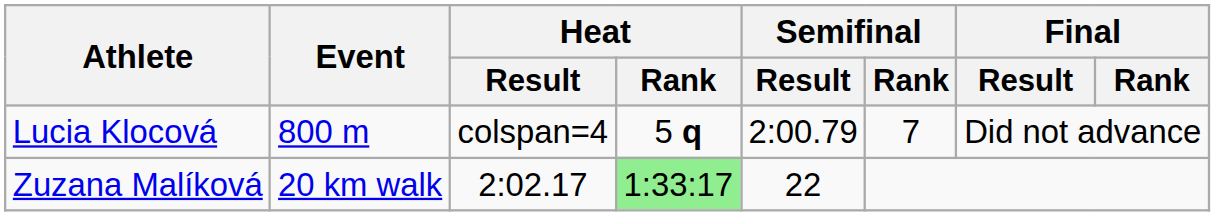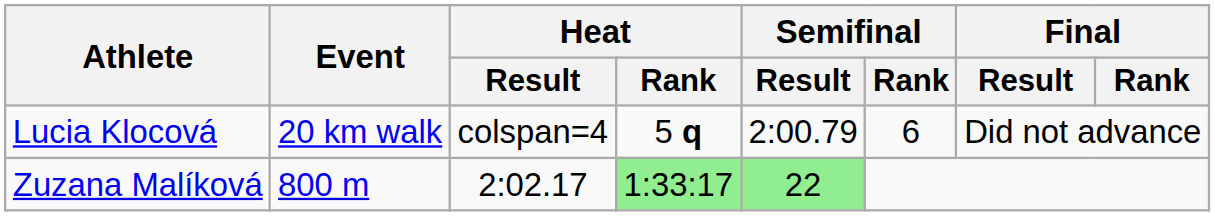 <table class=wikitable style="font-size:90%">
 <tr>
 <th rowspan="2">Athlete</th>
 <th rowspan="2">Event</th>
 <th colspan="2">Heat</th>
 <th colspan="2">Semifinal</th>
 <th colspan="2">Final</th>
 </tr>
 <tr style="font-size:95%">
 <th>Result</th>
 <th>Rank</th>
 <th>Result</th>
 <th>Rank</th>
 <th>Result</th>
 <th>Rank</th>
 </tr>
 <tr align=center>
 <td align=left><a href='#'>Lucia Klocová</a></td>
-<td align=left><a href='#'>800 m</a></td>
+<td align=left><a href='#'>20 km walk</a></td>
 <td>colspan=4 </td>
 <td>5 <strong>q</strong></td>
 <td>2:00.79</td>
-<td>7</td>
+<td>6</td>
 <td colspan=2>Did not advance</td>
 </tr>
 <tr align=center>
 <td align=left><a href='#'>Zuzana Malíková</a></td>
-<td align=left><a href='#'>20 km walk</a></td>
+<td align=left><a href='#'>800 m</a></td>
 <td>2:02.17</td>
 <td style="background: lightgreen;">1:33:17</td>
-<td>22</td>
+<td style="background: lightgreen;">22</td>
 </tr>
 </table>
